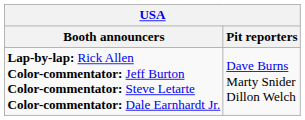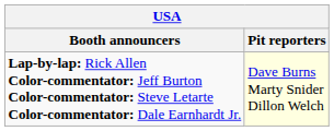 <table class="wikitable" style="font-size: 95%">
 <tr>
 <th colspan="2"><a href='#'>USA</a></th>
 </tr>
 <tr>
 <th>Booth announcers</th>
 <th>Pit reporters</th>
 </tr>
 <tr>
 <td><strong>Lap-by-lap:</strong> <a href='#'>Rick Allen</a><br><strong>Color-commentator:</strong> <a href='#'>Jeff Burton</a><br><strong>Color-commentator:</strong> <a href='#'>Steve Letarte</a><br><strong>Color-commentator:</strong> <a href='#'>Dale Earnhardt Jr.</a></td>
-<td><a href='#'>Dave Burns</a><br>Marty Snider<br>Dillon Welch</td>
+<td style="background: lightyellow;"><a href='#'>Dave Burns</a><br>Marty Snider<br>Dillon Welch</td>
 </tr>
 </table>
